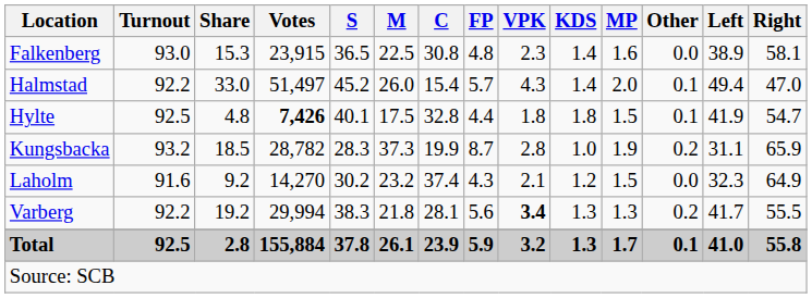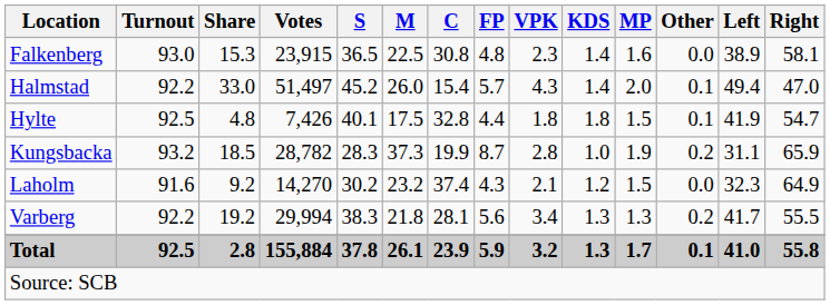 <table class="wikitable sortable" style=text-align:right>
 <tr>
 <th>Location</th>
 <th>Turnout</th>
 <th>Share</th>
 <th>Votes</th>
 <th><a href='#'>S</a></th>
 <th><a href='#'>M</a></th>
 <th><a href='#'>C</a></th>
 <th><a href='#'>FP</a></th>
 <th><a href='#'>VPK</a></th>
 <th><a href='#'>KDS</a></th>
 <th><a href='#'>MP</a></th>
 <th>Other</th>
 <th>Left</th>
 <th>Right</th>
 </tr>
 <tr>
 <td align=left><a href='#'>Falkenberg</a></td>
 <td>93.0</td>
 <td>15.3</td>
 <td>23,915</td>
 <td>36.5</td>
 <td>22.5</td>
 <td>30.8</td>
 <td>4.8</td>
 <td>2.3</td>
 <td>1.4</td>
 <td>1.6</td>
 <td>0.0</td>
 <td>38.9</td>
 <td>58.1</td>
 </tr>
 <tr>
 <td align=left><a href='#'>Halmstad</a></td>
 <td>92.2</td>
 <td>33.0</td>
 <td>51,497</td>
 <td>45.2</td>
 <td>26.0</td>
 <td>15.4</td>
 <td>5.7</td>
 <td>4.3</td>
 <td>1.4</td>
 <td>2.0</td>
 <td>0.1</td>
 <td>49.4</td>
 <td>47.0</td>
 </tr>
 <tr>
 <td align=left><a href='#'>Hylte</a></td>
 <td>92.5</td>
 <td>4.8</td>
-<td><strong>7,426</strong></td>
+<td>7,426</td>
 <td>40.1</td>
 <td>17.5</td>
 <td>32.8</td>
 <td>4.4</td>
 <td>1.8</td>
 <td>1.8</td>
 <td>1.5</td>
 <td>0.1</td>
 <td>41.9</td>
 <td>54.7</td>
 </tr>
 <tr>
 <td align=left><a href='#'>Kungsbacka</a></td>
 <td>93.2</td>
 <td>18.5</td>
 <td>28,782</td>
 <td>28.3</td>
 <td>37.3</td>
 <td>19.9</td>
 <td>8.7</td>
 <td>2.8</td>
 <td>1.0</td>
 <td>1.9</td>
 <td>0.2</td>
 <td>31.1</td>
 <td>65.9</td>
 </tr>
 <tr>
 <td align=left><a href='#'>Laholm</a></td>
 <td>91.6</td>
 <td>9.2</td>
 <td>14,270</td>
 <td>30.2</td>
 <td>23.2</td>
 <td>37.4</td>
 <td>4.3</td>
 <td>2.1</td>
 <td>1.2</td>
 <td>1.5</td>
 <td>0.0</td>
 <td>32.3</td>
 <td>64.9</td>
 </tr>
 <tr>
 <td align=left><a href='#'>Varberg</a></td>
 <td>92.2</td>
 <td>19.2</td>
 <td>29,994</td>
 <td>38.3</td>
 <td>21.8</td>
 <td>28.1</td>
 <td>5.6</td>
-<td><strong>3.4</strong></td>
+<td>3.4</td>
 <td>1.3</td>
 <td>1.3</td>
 <td>0.2</td>
 <td>41.7</td>
 <td>55.5</td>
 </tr>
 <tr>
 </tr>
 <tr style="background:#CDCDCD;">
 <td align=left><strong>Total</strong></td>
 <td><strong>92.5</strong></td>
 <td><strong>2.8</strong></td>
 <td><strong>155,884</strong></td>
 <td><strong>37.8</strong></td>
 <td><strong>26.1</strong></td>
 <td><strong>23.9</strong></td>
 <td><strong>5.9</strong></td>
 <td><strong>3.2</strong></td>
 <td><strong>1.3</strong></td>
 <td><strong>1.7</strong></td>
 <td><strong>0.1</strong></td>
 <td><strong>41.0</strong></td>
 <td><strong>55.8</strong></td>
 </tr>
 <tr>
 <td align=left colspan=14>Source: SCB </td>
 </tr>
 </table>
